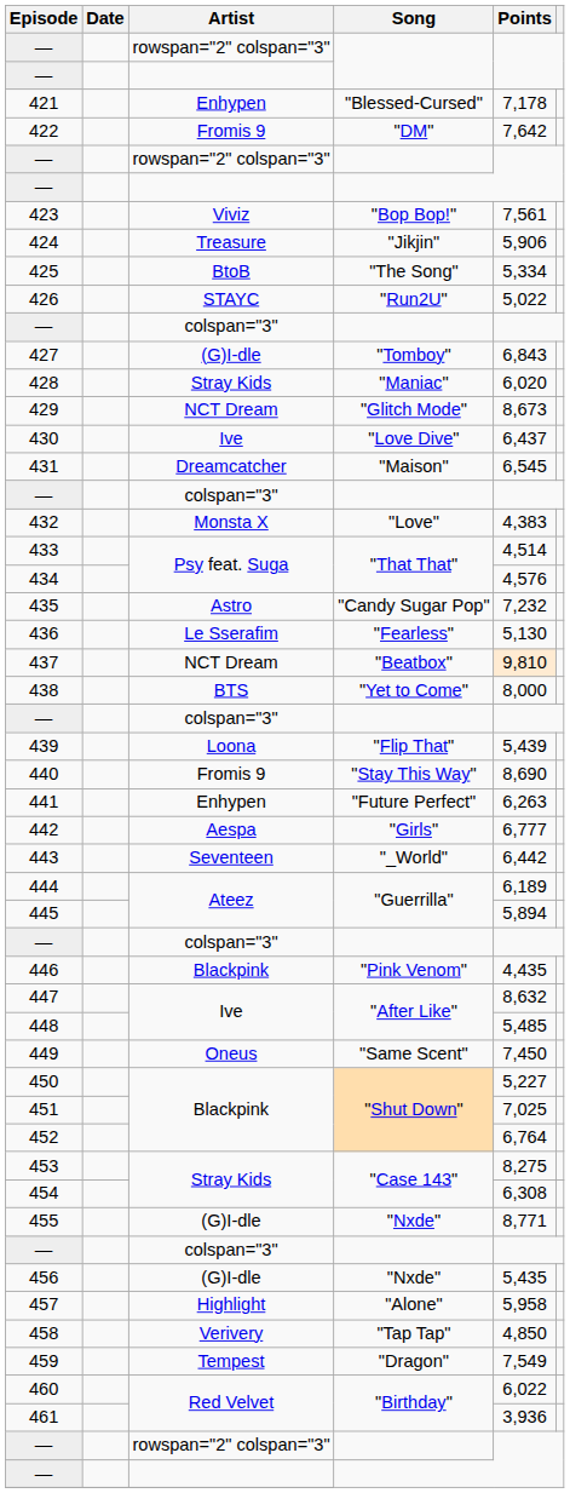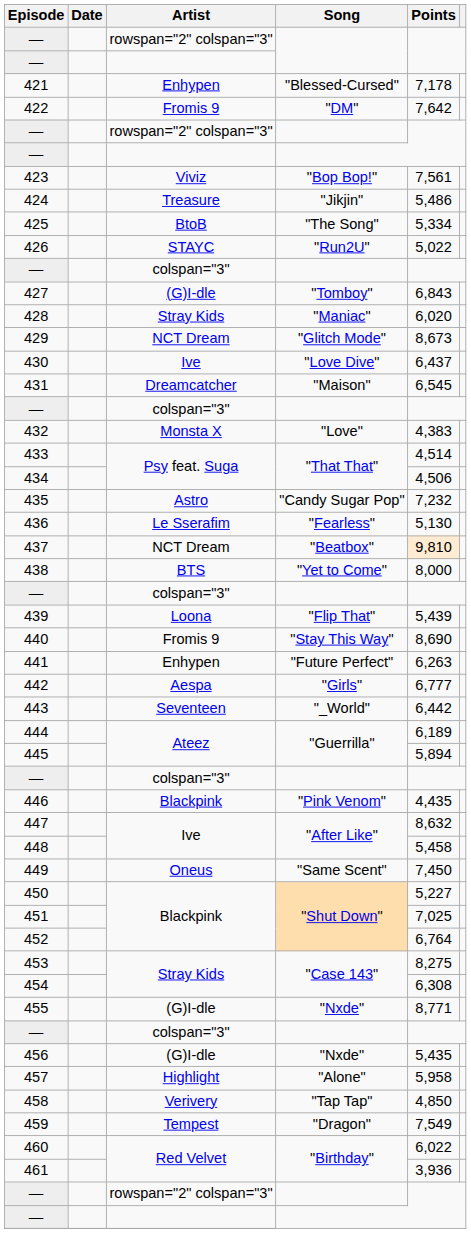 <table class="sortable wikitable" style="text-align:center">
 <tr>
 <th>Episode</th>
 <th>Date</th>
 <th>Artist</th>
 <th>Song</th>
 <th>Points</th>
 <th class=unsortable></th>
 </tr>
 <tr>
 <td style="background:#eee;">—</td>
 <td></td>
 <td>rowspan="2" colspan="3" </td>
 <td rowspan="2"></td>
 </tr>
 <tr>
 <td style="background:#eee;">—</td>
 <td></td>
 </tr>
 <tr>
 <td>421</td>
 <td></td>
 <td><a href='#'>Enhypen</a></td>
 <td>"Blessed-Cursed"</td>
 <td>7,178</td>
 <td></td>
 </tr>
 <tr>
 <td>422</td>
 <td></td>
 <td><a href='#'>Fromis 9</a></td>
 <td>"<a href='#'>DM</a>"</td>
 <td>7,642</td>
 <td></td>
 </tr>
 <tr>
 <td style="background:#eee;">—</td>
 <td></td>
 <td>rowspan="2" colspan="3" </td>
 <td></td>
 </tr>
 <tr>
 <td style="background:#eee;">—</td>
 <td></td>
 <td></td>
 </tr>
 <tr>
 <td>423</td>
 <td></td>
 <td><a href='#'>Viviz</a></td>
 <td>"<a href='#'>Bop Bop!</a>"</td>
 <td>7,561</td>
 <td></td>
 </tr>
 <tr>
 <td>424</td>
 <td></td>
 <td><a href='#'>Treasure</a></td>
 <td>"Jikjin"</td>
-<td>5,906</td>
+<td>5,486</td>
 <td></td>
 </tr>
 <tr>
 <td>425</td>
 <td></td>
 <td><a href='#'>BtoB</a></td>
 <td>"The Song"</td>
 <td>5,334</td>
 <td></td>
 </tr>
 <tr>
 <td>426</td>
 <td></td>
 <td><a href='#'>STAYC</a></td>
 <td>"<a href='#'>Run2U</a>"</td>
 <td>5,022</td>
 <td></td>
 </tr>
 <tr>
 <td style="background:#eee;">—</td>
 <td></td>
 <td>colspan="3" </td>
 <td></td>
 </tr>
 <tr>
 <td>427</td>
 <td></td>
 <td><a href='#'>(G)I-dle</a></td>
 <td>"<a href='#'>Tomboy</a>"</td>
 <td>6,843</td>
 <td></td>
 </tr>
 <tr>
 <td>428</td>
 <td></td>
 <td><a href='#'>Stray Kids</a></td>
 <td>"<a href='#'>Maniac</a>"</td>
 <td>6,020</td>
 <td></td>
 </tr>
 <tr>
 <td>429</td>
 <td></td>
 <td><a href='#'>NCT Dream</a></td>
 <td>"<a href='#'>Glitch Mode</a>"</td>
 <td>8,673</td>
 <td></td>
 </tr>
 <tr>
 <td>430</td>
 <td></td>
 <td><a href='#'>Ive</a></td>
 <td>"<a href='#'>Love Dive</a>"</td>
 <td>6,437</td>
 <td></td>
 </tr>
 <tr>
 <td>431</td>
 <td></td>
 <td><a href='#'>Dreamcatcher</a></td>
 <td>"Maison"</td>
 <td>6,545</td>
 <td></td>
 </tr>
 <tr>
 <td style="background:#eee;">—</td>
 <td></td>
 <td>colspan="3" </td>
 <td></td>
 </tr>
 <tr>
 <td>432</td>
 <td></td>
 <td><a href='#'>Monsta X</a></td>
 <td>"Love"</td>
 <td>4,383</td>
 <td></td>
 </tr>
 <tr>
 <td>433</td>
 <td></td>
 <td rowspan="2"><a href='#'>Psy</a> feat. <a href='#'>Suga</a></td>
 <td rowspan="2">"<a href='#'>That That</a>"</td>
 <td>4,514</td>
 <td></td>
 </tr>
 <tr>
 <td>434</td>
 <td></td>
-<td>4,576</td>
+<td>4,506</td>
 <td></td>
 </tr>
 <tr>
 <td>435</td>
 <td></td>
 <td><a href='#'>Astro</a></td>
 <td>"Candy Sugar Pop"</td>
 <td>7,232</td>
 <td></td>
 </tr>
 <tr>
 <td>436</td>
 <td></td>
 <td><a href='#'>Le Sserafim</a></td>
 <td>"<a href='#'>Fearless</a>"</td>
 <td>5,130</td>
 <td></td>
 </tr>
 <tr>
 <td>437</td>
 <td></td>
 <td>NCT Dream</td>
 <td>"<a href='#'>Beatbox</a>"</td>
 <td style="background: #ffebd2;">9,810</td>
 <td></td>
 </tr>
 <tr>
 <td>438</td>
 <td></td>
 <td><a href='#'>BTS</a></td>
 <td>"<a href='#'>Yet to Come</a>"</td>
 <td>8,000</td>
 <td></td>
 </tr>
 <tr>
 <td style="background:#eee;">—</td>
 <td></td>
 <td>colspan="3" </td>
 <td></td>
 </tr>
 <tr>
 <td>439</td>
 <td></td>
 <td><a href='#'>Loona</a></td>
 <td>"<a href='#'>Flip That</a>"</td>
 <td>5,439</td>
 <td></td>
 </tr>
 <tr>
 <td>440</td>
 <td></td>
 <td>Fromis 9</td>
 <td>"<a href='#'>Stay This Way</a>"</td>
 <td>8,690</td>
 <td></td>
 </tr>
 <tr>
 <td>441</td>
 <td></td>
 <td>Enhypen</td>
 <td>"Future Perfect"</td>
 <td>6,263</td>
 <td></td>
 </tr>
 <tr>
 <td>442</td>
 <td></td>
 <td><a href='#'>Aespa</a></td>
 <td>"<a href='#'>Girls</a>"</td>
 <td>6,777</td>
 <td></td>
 </tr>
 <tr>
 <td>443</td>
 <td></td>
 <td><a href='#'>Seventeen</a></td>
 <td>"_World"</td>
 <td>6,442</td>
 <td></td>
 </tr>
 <tr>
 <td>444</td>
 <td></td>
 <td rowspan="2"><a href='#'>Ateez</a></td>
 <td rowspan="2">"Guerrilla"</td>
 <td>6,189</td>
 <td></td>
 </tr>
 <tr>
 <td>445</td>
 <td></td>
 <td>5,894</td>
 <td></td>
 </tr>
 <tr>
 <td style="background:#eee;">—</td>
 <td></td>
 <td>colspan="3" </td>
 <td></td>
 </tr>
 <tr>
 <td>446</td>
 <td></td>
 <td><a href='#'>Blackpink</a></td>
 <td>"<a href='#'>Pink Venom</a>"</td>
 <td>4,435</td>
 <td></td>
 </tr>
 <tr>
 <td>447</td>
 <td></td>
 <td rowspan="2">Ive</td>
 <td rowspan="2">"<a href='#'>After Like</a>"</td>
 <td>8,632</td>
 <td></td>
 </tr>
 <tr>
 <td>448</td>
 <td></td>
-<td>5,485</td>
+<td>5,458</td>
 <td></td>
 </tr>
 <tr>
 <td>449</td>
 <td></td>
 <td><a href='#'>Oneus</a></td>
 <td>"Same Scent"</td>
 <td>7,450</td>
 <td></td>
 </tr>
 <tr>
 <td>450</td>
 <td></td>
 <td rowspan="3">Blackpink</td>
 <td style="background-color:#FFDEAD" rowspan="3">"<a href='#'>Shut Down</a>"</td>
 <td>5,227</td>
 <td></td>
 </tr>
 <tr>
 <td>451</td>
 <td></td>
 <td>7,025</td>
 <td></td>
 </tr>
 <tr>
 <td>452</td>
 <td></td>
 <td>6,764</td>
 <td></td>
 </tr>
 <tr>
 <td>453</td>
 <td></td>
 <td rowspan="2"><a href='#'>Stray Kids</a></td>
 <td rowspan="2">"<a href='#'>Case 143</a>"</td>
 <td>8,275</td>
 <td></td>
 </tr>
 <tr>
 <td>454</td>
 <td></td>
 <td>6,308</td>
 <td></td>
 </tr>
 <tr>
 <td>455</td>
 <td></td>
 <td>(G)I-dle</td>
 <td>"<a href='#'>Nxde</a>"</td>
 <td>8,771</td>
 <td></td>
 </tr>
 <tr>
 <td style="background:#eee;">—</td>
 <td></td>
 <td>colspan="3" </td>
 <td></td>
 </tr>
 <tr>
 <td>456</td>
 <td></td>
 <td>(G)I-dle</td>
 <td>"Nxde"</td>
 <td>5,435</td>
 <td></td>
 </tr>
 <tr>
 <td>457</td>
 <td></td>
 <td><a href='#'>Highlight</a></td>
 <td>"Alone"</td>
 <td>5,958</td>
 <td></td>
 </tr>
 <tr>
 <td>458</td>
 <td></td>
 <td><a href='#'>Verivery</a></td>
 <td>"Tap Tap"</td>
 <td>4,850</td>
 <td></td>
 </tr>
 <tr>
 <td>459</td>
 <td></td>
 <td><a href='#'>Tempest</a></td>
 <td>"Dragon"</td>
 <td>7,549</td>
 <td></td>
 </tr>
 <tr>
 <td>460</td>
 <td></td>
 <td rowspan="2"><a href='#'>Red Velvet</a></td>
 <td rowspan="2">"<a href='#'>Birthday</a>"</td>
 <td>6,022</td>
 <td></td>
 </tr>
 <tr>
 <td>461</td>
 <td></td>
 <td>3,936</td>
 <td></td>
 </tr>
 <tr>
 <td style="background:#eee;">—</td>
 <td></td>
 <td>rowspan="2" colspan="3" </td>
 <td></td>
 </tr>
 <tr>
 <td style="background:#eee;">—</td>
 <td></td>
 <td></td>
 </tr>
 <tr>
 </tr>
 </table>
